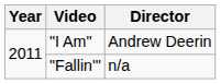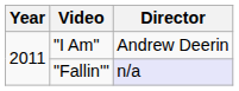 <table class="wikitable">
 <tr>
 <th>Year</th>
 <th>Video</th>
 <th>Director</th>
 </tr>
 <tr>
 <td rowspan="2">2011</td>
 <td>"I Am"</td>
 <td>Andrew Deerin</td>
 </tr>
 <tr>
 <td>"Fallin'"</td>
-<td>n/a</td>
+<td style="background: lavender;">n/a</td>
 </tr>
 </table>
